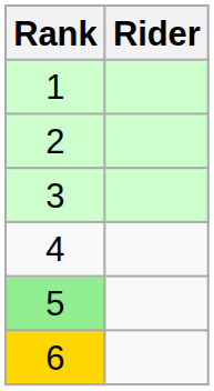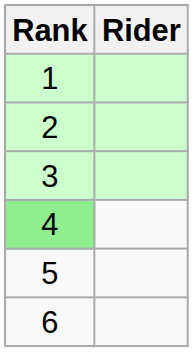 <table class="wikitable" style="font-size:95%" style="width:25em;">
 <tr>
 <th>Rank</th>
 <th>Rider</th>
 </tr>
 <tr bgcolor=ccffcc>
 <td align=center>1</td>
 <td></td>
 </tr>
 <tr bgcolor=ccffcc>
 <td align=center>2</td>
 <td></td>
 </tr>
 <tr bgcolor=ccffcc>
 <td align=center>3</td>
 <td></td>
 </tr>
 <tr>
-<td align=center>4</td>
+<td align=center style="background: lightgreen;">4</td>
 <td></td>
 </tr>
 <tr>
-<td align=center style="background: lightgreen;">5</td>
+<td align=center>5</td>
 <td></td>
 </tr>
 <tr>
-<td align=center style="background: gold;">6</td>
+<td align=center>6</td>
 <td></td>
 </tr>
 </table>
